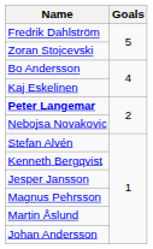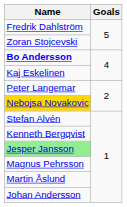 <table class="wikitable">
 <tr>
 <th>Name</th>
 <th>Goals</th>
 </tr>
 <tr>
 <td> <a href='#'>Fredrik Dahlström</a></td>
 <td rowspan="2" style="text-align:center;">5</td>
 </tr>
 <tr>
 <td> <a href='#'>Zoran Stojcevski</a></td>
 </tr>
 <tr>
-<td> <a href='#'>Bo Andersson</a></td>
+<td><strong> <a href='#'>Bo Andersson</a></strong></td>
 <td rowspan="2" style="text-align:center;">4</td>
 </tr>
 <tr>
 <td> <a href='#'>Kaj Eskelinen</a></td>
 </tr>
 <tr>
-<td><strong> <a href='#'>Peter Langemar</a></strong></td>
+<td> <a href='#'>Peter Langemar</a></td>
 <td rowspan="2" style="text-align:center;">2</td>
 </tr>
 <tr>
-<td> <a href='#'>Nebojsa Novakovic</a></td>
+<td style="background: gold;"> <a href='#'>Nebojsa Novakovic</a></td>
 </tr>
 <tr>
 <td> <a href='#'>Stefan Alvén</a></td>
 <td rowspan="6" style="text-align:center;">1</td>
 </tr>
 <tr>
 <td> <a href='#'>Kenneth Bergqvist</a></td>
 </tr>
 <tr>
-<td> <a href='#'>Jesper Jansson</a></td>
+<td style="background: lightgreen;"> <a href='#'>Jesper Jansson</a></td>
 </tr>
 <tr>
 <td> <a href='#'>Magnus Pehrsson</a></td>
 </tr>
 <tr>
 <td> <a href='#'>Martin Åslund</a></td>
 </tr>
 <tr>
 <td> <a href='#'>Johan Andersson</a></td>
 </tr>
 </table>
